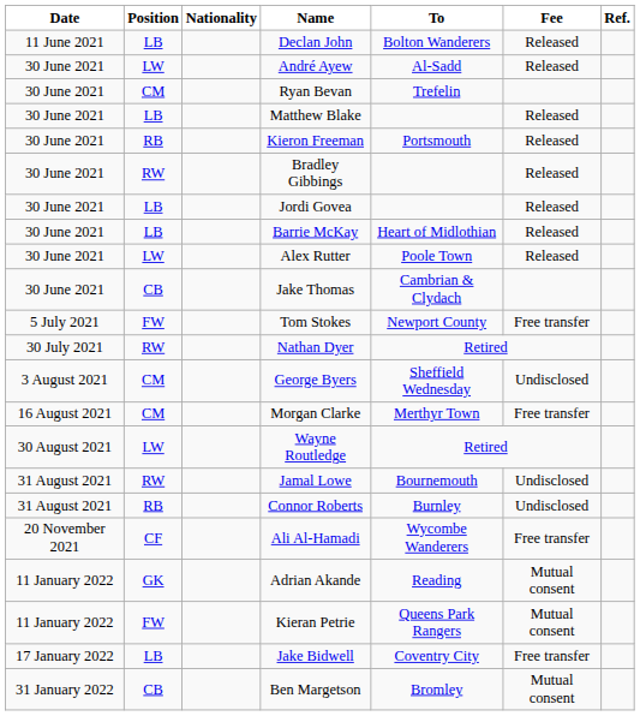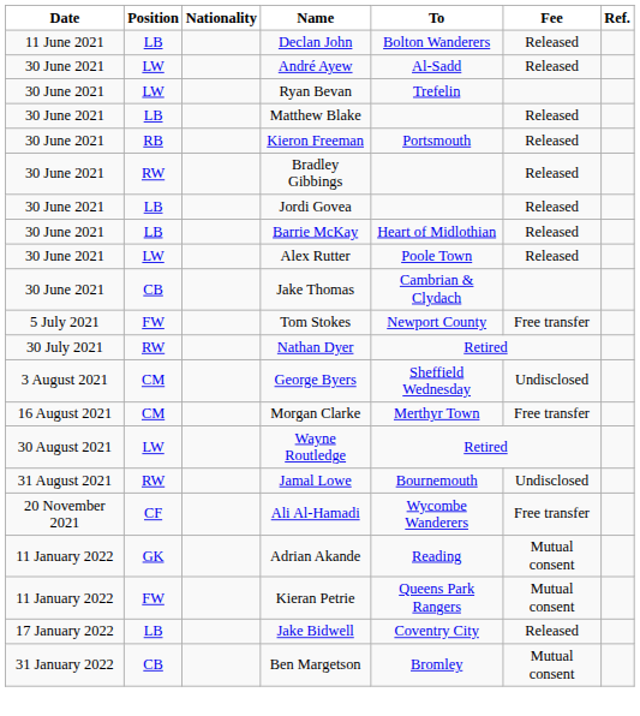 <table class="wikitable"  style="text-align:center; font-size:90%; ">
 <tr>
 <th style="background: white; color:black; ">Date</th>
 <th style="background: white; color:black; ">Position</th>
 <th style="background: white; color:black; ">Nationality</th>
 <th style="background: white; color:black; ">Name</th>
 <th style="background: white; color:black; ">To</th>
 <th style="background: white; color:black; ">Fee</th>
 <th style="background: white; color:black; ">Ref.</th>
 </tr>
 <tr>
 <td>11 June 2021</td>
 <td><a href='#'>LB</a></td>
 <td></td>
 <td><a href='#'>Declan John</a></td>
 <td> <a href='#'>Bolton Wanderers</a></td>
 <td>Released</td>
 <td></td>
 </tr>
 <tr>
 <td>30 June 2021</td>
 <td><a href='#'>LW</a></td>
 <td></td>
 <td><a href='#'>André Ayew</a></td>
 <td> <a href='#'>Al-Sadd</a></td>
 <td>Released</td>
 <td></td>
 </tr>
 <tr>
 <td>30 June 2021</td>
-<td><a href='#'>CM</a></td>
+<td><a href='#'>LW</a></td>
 <td></td>
 <td>Ryan Bevan</td>
 <td> <a href='#'>Trefelin</a></td>
 <td></td>
 <td></td>
 </tr>
 <tr>
 <td>30 June 2021</td>
 <td><a href='#'>LB</a></td>
 <td></td>
 <td>Matthew Blake</td>
 <td></td>
 <td>Released</td>
 <td></td>
 </tr>
 <tr>
 <td>30 June 2021</td>
 <td><a href='#'>RB</a></td>
 <td></td>
 <td><a href='#'>Kieron Freeman</a></td>
 <td> <a href='#'>Portsmouth</a></td>
 <td>Released</td>
 <td></td>
 </tr>
 <tr>
 <td>30 June 2021</td>
 <td><a href='#'>RW</a></td>
 <td></td>
 <td>Bradley Gibbings</td>
 <td></td>
 <td>Released</td>
 <td></td>
 </tr>
 <tr>
 <td>30 June 2021</td>
 <td><a href='#'>LB</a></td>
 <td></td>
 <td>Jordi Govea</td>
 <td></td>
 <td>Released</td>
 <td></td>
 </tr>
 <tr>
 <td>30 June 2021</td>
 <td><a href='#'>LB</a></td>
 <td></td>
 <td><a href='#'>Barrie McKay</a></td>
 <td> <a href='#'>Heart of Midlothian</a></td>
 <td>Released</td>
 <td></td>
 </tr>
 <tr>
 <td>30 June 2021</td>
 <td><a href='#'>LW</a></td>
 <td></td>
 <td>Alex Rutter</td>
 <td> <a href='#'>Poole Town</a></td>
 <td>Released</td>
 <td></td>
 </tr>
 <tr>
 <td>30 June 2021</td>
 <td><a href='#'>CB</a></td>
 <td></td>
 <td>Jake Thomas</td>
 <td> <a href='#'>Cambrian & Clydach</a></td>
 <td></td>
 <td></td>
 </tr>
 <tr>
 <td>5 July 2021</td>
 <td><a href='#'>FW</a></td>
 <td></td>
 <td>Tom Stokes</td>
 <td> <a href='#'>Newport County</a></td>
 <td>Free transfer</td>
 <td></td>
 </tr>
 <tr>
 <td>30 July 2021</td>
 <td><a href='#'>RW</a></td>
 <td></td>
 <td><a href='#'>Nathan Dyer</a></td>
 <td colspan="2"><a href='#'>Retired</a></td>
 <td></td>
 </tr>
 <tr>
 <td>3 August 2021</td>
 <td><a href='#'>CM</a></td>
 <td></td>
 <td><a href='#'>George Byers</a></td>
 <td> <a href='#'>Sheffield Wednesday</a></td>
 <td>Undisclosed</td>
 <td></td>
 </tr>
 <tr>
 <td>16 August 2021</td>
 <td><a href='#'>CM</a></td>
 <td></td>
 <td>Morgan Clarke</td>
 <td> <a href='#'>Merthyr Town</a></td>
 <td>Free transfer</td>
 <td></td>
 </tr>
 <tr>
 <td>30 August 2021</td>
 <td><a href='#'>LW</a></td>
 <td></td>
 <td><a href='#'>Wayne Routledge</a></td>
 <td colspan="2"><a href='#'>Retired</a></td>
 <td></td>
 </tr>
 <tr>
 <td>31 August 2021</td>
 <td><a href='#'>RW</a></td>
 <td></td>
 <td><a href='#'>Jamal Lowe</a></td>
 <td> <a href='#'>Bournemouth</a></td>
 <td>Undisclosed</td>
 <td></td>
 </tr>
 <tr>
-<td>31 August 2021</td>
-<td><a href='#'>RB</a></td>
-<td></td>
-<td><a href='#'>Connor Roberts</a></td>
-<td> <a href='#'>Burnley</a></td>
-<td>Undisclosed</td>
-<td></td>
-</tr>
-<tr>
 <td>20 November 2021</td>
 <td><a href='#'>CF</a></td>
 <td></td>
 <td><a href='#'>Ali Al-Hamadi</a></td>
 <td> <a href='#'>Wycombe Wanderers</a></td>
 <td>Free transfer</td>
 <td></td>
 </tr>
 <tr>
 <td>11 January 2022</td>
 <td><a href='#'>GK</a></td>
 <td></td>
 <td>Adrian Akande</td>
 <td><a href='#'>Reading</a></td>
 <td>Mutual consent</td>
 <td></td>
 </tr>
 <tr>
 <td>11 January 2022</td>
 <td><a href='#'>FW</a></td>
 <td></td>
 <td>Kieran Petrie</td>
 <td><a href='#'>Queens Park Rangers</a></td>
 <td>Mutual consent</td>
 <td></td>
 </tr>
 <tr>
 <td>17 January 2022</td>
 <td><a href='#'>LB</a></td>
 <td></td>
 <td><a href='#'>Jake Bidwell</a></td>
 <td> <a href='#'>Coventry City</a></td>
-<td>Free transfer</td>
+<td>Released</td>
 <td></td>
 </tr>
 <tr>
 <td>31 January 2022</td>
 <td><a href='#'>CB</a></td>
 <td></td>
 <td>Ben Margetson</td>
 <td> <a href='#'>Bromley</a></td>
 <td>Mutual consent</td>
 <td></td>
 </tr>
 </table>
